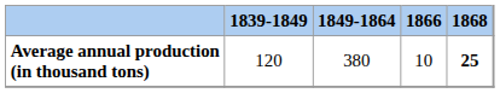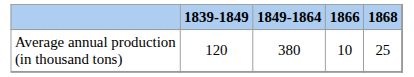 <table align="center" rules="all" cellspacing="0" cellpadding="4" style="border: 1px solid #999; border-right: 2px solid #999; border-bottom:2px solid #999; background: #FFFFFF">
 <tr style="background: #adcdf1">
 <th scope=col></th>
 <th scope=col>1839-1849</th>
 <th scope=col>1849-1864</th>
 <th scope=col>1866</th>
 <th scope=col>1868</th>
 </tr>
 <tr>
-<td><strong>Average annual production<br>(in thousand tons)</strong></td>
+<td>Average annual production<br>(in thousand tons)</td>
 <td align="center">120</td>
 <td align=center>380</td>
 <td align=center>10</td>
-<td align=center><strong>25</strong></td>
+<td align=center>25</td>
 </tr>
 </table>
